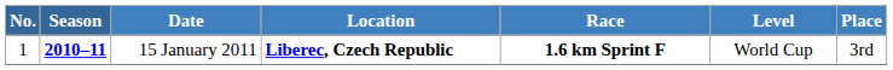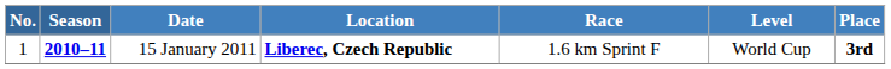 <table class="wikitable sortable" style="font-size:95%; text-align:center; border:grey solid 1px; border-collapse:collapse; background:#ffffff;">
 <tr style="background:#efefef;">
 <th style="background-color:#369; color:white;">No.</th>
 <th style="background-color:#369; color:white;">Season</th>
 <th style="background-color:#4180be; color:white; width:120px;">Date</th>
 <th style="background-color:#4180be; color:white; width:195px;">Location</th>
 <th style="background-color:#4180be; color:white; width:170px;">Race</th>
 <th style="background-color:#4180be; color:white; width:100px;">Level</th>
 <th style="background-color:#4180be; color:white;">Place</th>
 </tr>
 <tr>
 <td align=center>1</td>
 <td rowspan=1 align=center><strong><a href='#'>2010–11</a></strong></td>
 <td align=right>15 January 2011</td>
 <td align=left><strong> <a href='#'>Liberec</a>, Czech Republic</strong></td>
-<td><strong>1.6 km Sprint F</strong></td>
+<td>1.6 km Sprint F</td>
 <td>World Cup</td>
-<td>3rd</td>
+<td><strong>3rd</strong></td>
 </tr>
 <tr>
 </tr>
 </table>
